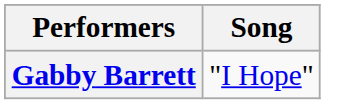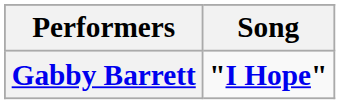 <table class="wikitable unsortable" style="text-align:center;">
 <tr>
 <th scope="col">Performers</th>
 <th scope="col">Song</th>
 </tr>
 <tr>
 <th scope="row"><a href='#'>Gabby Barrett</a></th>
-<td>"<a href='#'>I Hope</a>"</td>
+<td><strong>"<a href='#'>I Hope</a>"</strong></td>
 </tr>
 </table>
